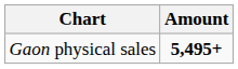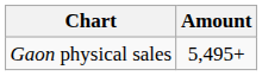 <table class="wikitable">
 <tr>
 <th>Chart</th>
 <th>Amount</th>
 </tr>
 <tr>
 <td><em>Gaon</em> physical sales</td>
-<td align="center"><strong>5,495+</strong></td>
+<td align="center">5,495+</td>
 </tr>
 </table>
